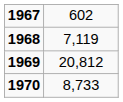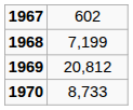 <table class="wikitable" style="text-align: center">
 <tr>
 <td><strong>1967</strong></td>
 <td scope="col" style="width: 75px;">602</td>
 </tr>
 <tr>
 <td><strong>1968</strong></td>
-<td>7,119</td>
+<td>7,199</td>
 </tr>
 <tr>
 <td><strong>1969</strong></td>
 <td>20,812</td>
 </tr>
 <tr>
 <td><strong>1970</strong></td>
 <td>8,733</td>
 </tr>
 </table>
